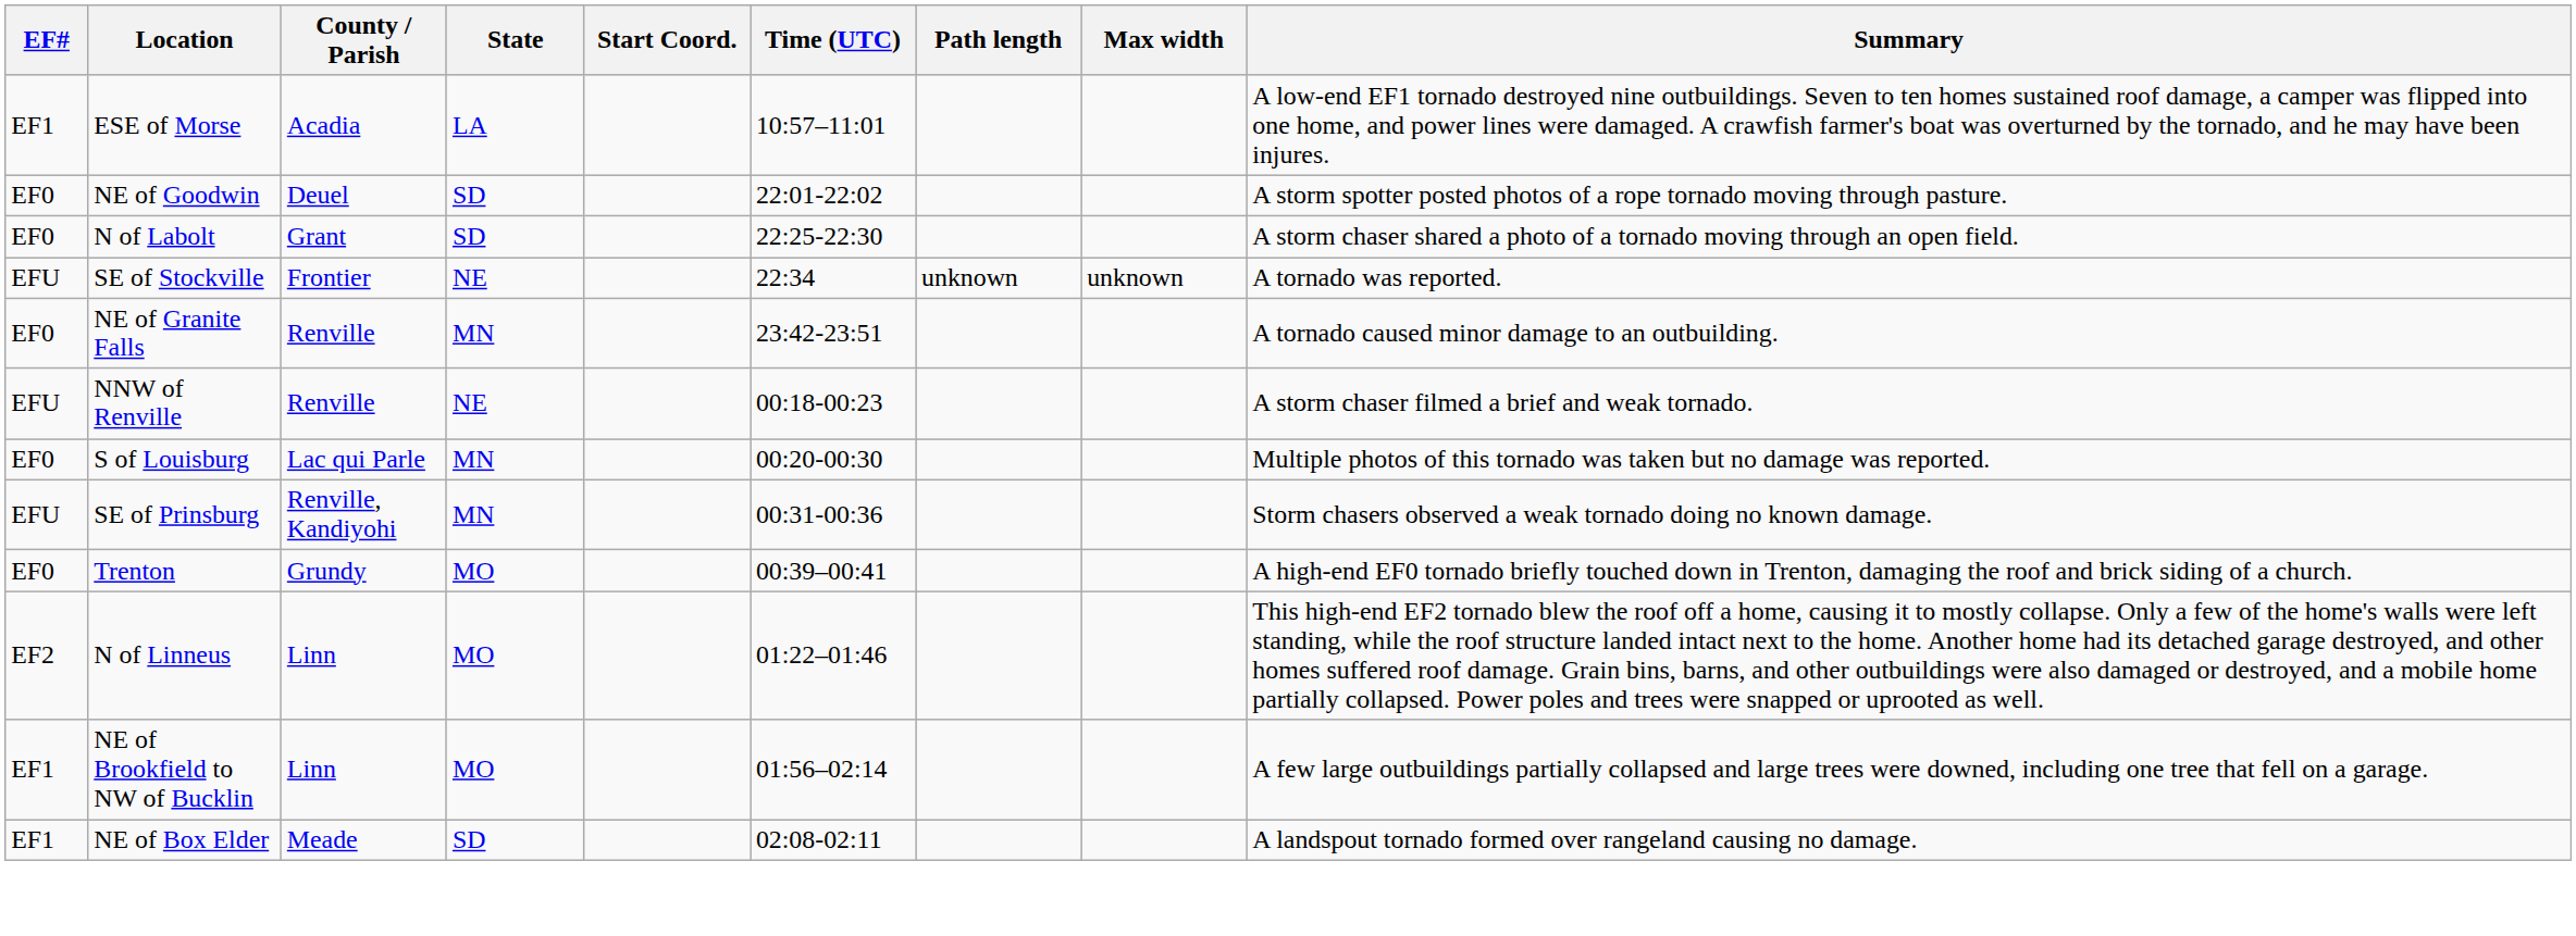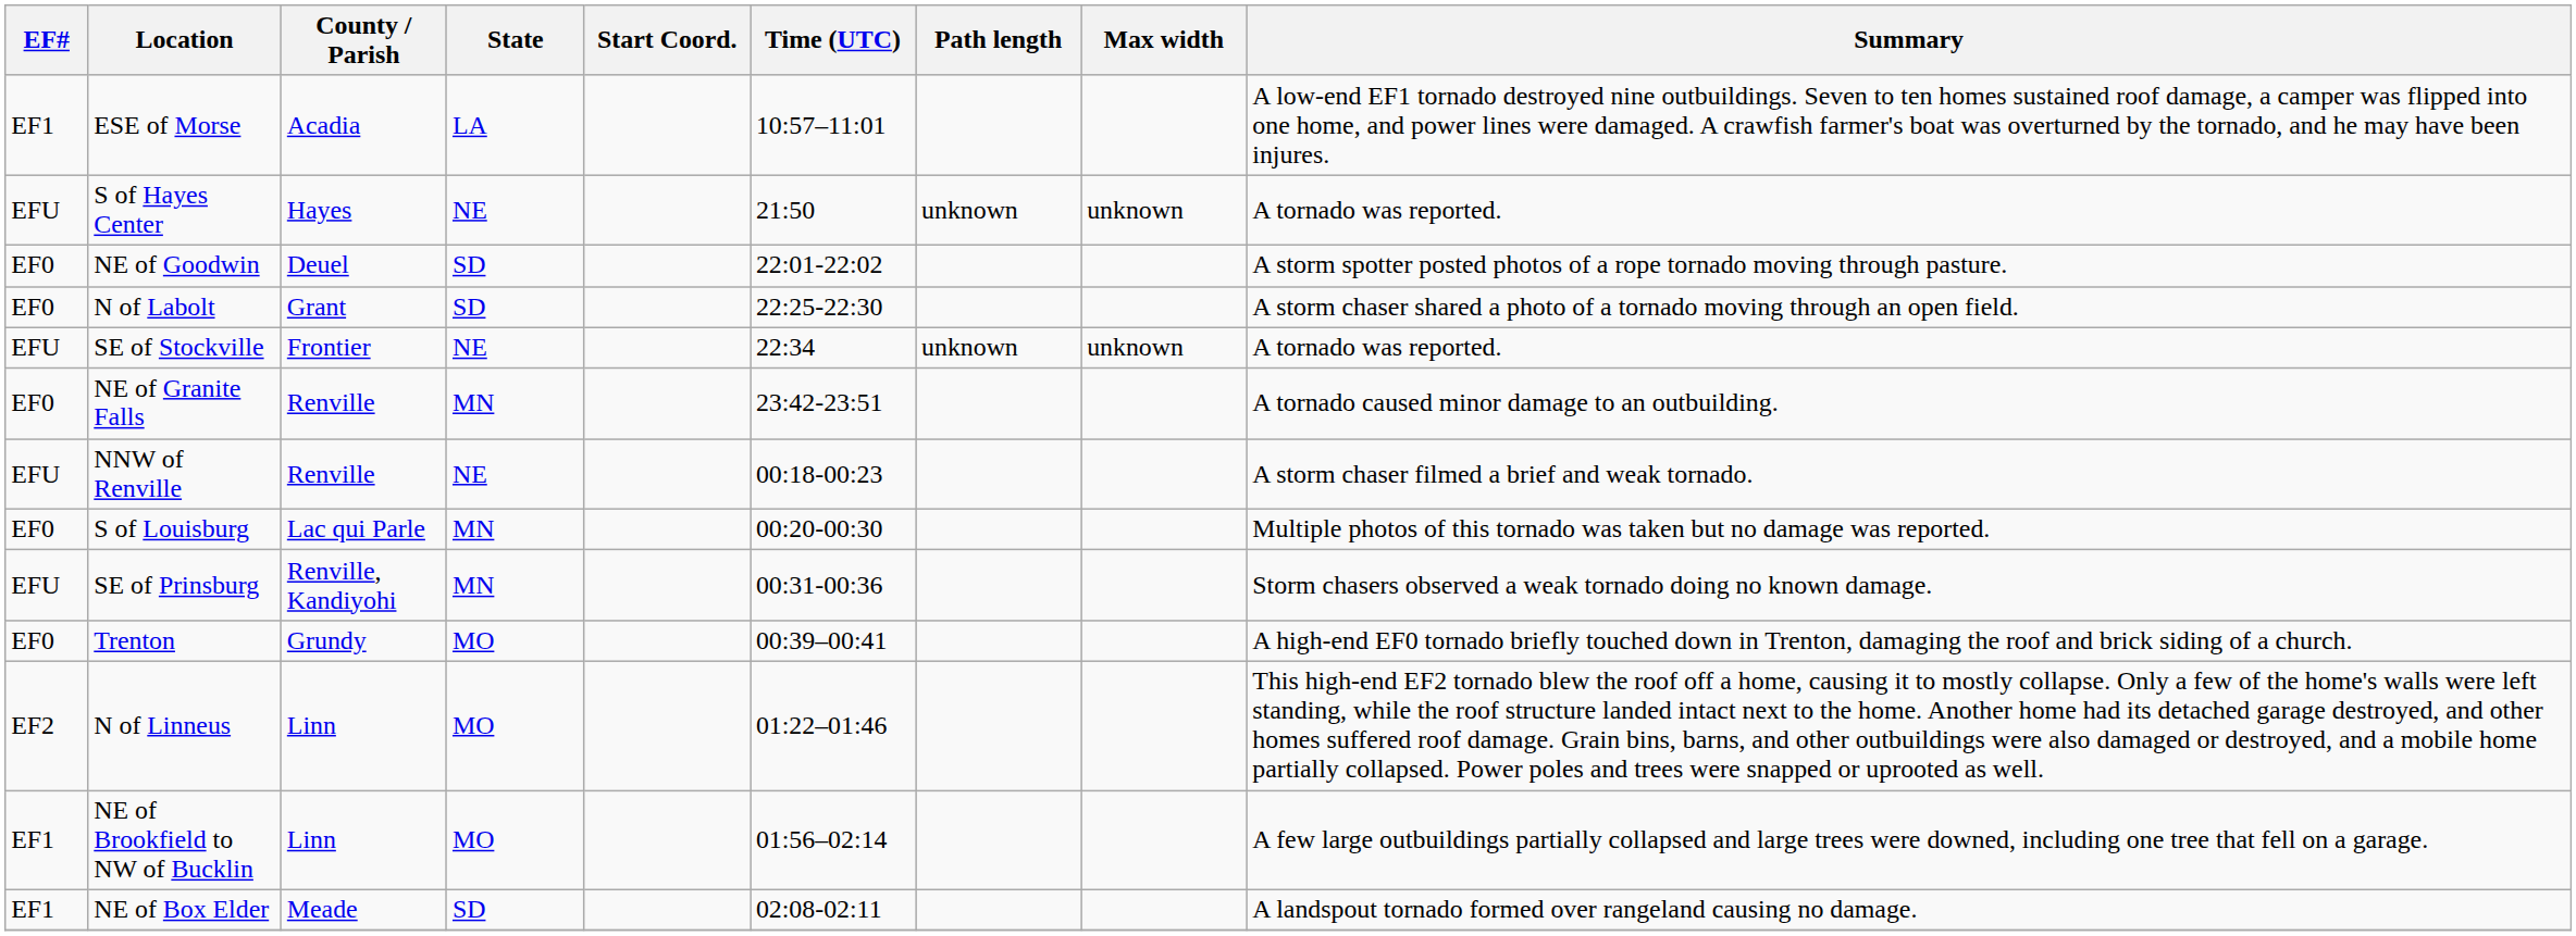 <table class="wikitable sortable" style="width:100%;">
 <tr>
 <th scope="col" style="width:3%; text-align:center;"><a href='#'>EF#</a></th>
 <th scope="col" style="width:7%; text-align:center;" class="unsortable">Location</th>
 <th scope="col" style="width:6%; text-align:center;" class="unsortable">County / Parish</th>
 <th scope="col" style="width:5%; text-align:center;">State</th>
 <th scope="col" style="width:6%; text-align:center;">Start Coord.</th>
 <th scope="col" style="width:6%; text-align:center;">Time (<a href='#'>UTC</a>)</th>
 <th scope="col" style="width:6%; text-align:center;">Path length</th>
 <th scope="col" style="width:6%; text-align:center;">Max width</th>
 <th scope="col" class="unsortable" style="width:48%; text-align:center;">Summary</th>
 </tr>
 <tr>
 <td>EF1</td>
 <td>ESE of <a href='#'>Morse</a></td>
 <td><a href='#'>Acadia</a></td>
 <td><a href='#'>LA</a></td>
 <td></td>
 <td>10:57–11:01</td>
 <td></td>
 <td></td>
 <td>A low-end EF1 tornado destroyed nine outbuildings. Seven to ten homes sustained roof damage, a camper was flipped into one home, and power lines were damaged. A crawfish farmer's boat was overturned by the tornado, and he may have been injures.</td>
+</tr>
+<tr>
+<td>EFU</td>
+<td>S of <a href='#'>Hayes Center</a></td>
+<td><a href='#'>Hayes</a></td>
+<td><a href='#'>NE</a></td>
+<td></td>
+<td>21:50</td>
+<td>unknown</td>
+<td>unknown</td>
+<td>A tornado was reported.</td>
 </tr>
 <tr>
 <td>EF0</td>
 <td>NE of <a href='#'>Goodwin</a></td>
 <td><a href='#'>Deuel</a></td>
 <td><a href='#'>SD</a></td>
 <td></td>
 <td>22:01-22:02</td>
 <td></td>
 <td></td>
 <td>A storm spotter posted photos of a rope tornado moving through pasture.</td>
 </tr>
 <tr>
 <td>EF0</td>
 <td>N of <a href='#'>Labolt</a></td>
 <td><a href='#'>Grant</a></td>
 <td><a href='#'>SD</a></td>
 <td></td>
 <td>22:25-22:30</td>
 <td></td>
 <td></td>
 <td>A storm chaser shared a photo of a tornado moving through an open field.</td>
 </tr>
 <tr>
 <td>EFU</td>
 <td>SE of <a href='#'>Stockville</a></td>
 <td><a href='#'>Frontier</a></td>
 <td><a href='#'>NE</a></td>
 <td></td>
 <td>22:34</td>
 <td>unknown</td>
 <td>unknown</td>
 <td>A tornado was reported.</td>
 </tr>
 <tr>
 <td>EF0</td>
 <td>NE of <a href='#'>Granite Falls</a></td>
 <td><a href='#'>Renville</a></td>
 <td><a href='#'>MN</a></td>
 <td></td>
 <td>23:42-23:51</td>
 <td></td>
 <td></td>
 <td>A tornado caused minor damage to an outbuilding.</td>
 </tr>
 <tr>
 <td>EFU</td>
 <td>NNW of <a href='#'>Renville</a></td>
 <td><a href='#'>Renville</a></td>
 <td><a href='#'>NE</a></td>
 <td></td>
 <td>00:18-00:23</td>
 <td></td>
 <td></td>
 <td>A storm chaser filmed a brief and weak tornado.</td>
 </tr>
 <tr>
 <td>EF0</td>
 <td>S of <a href='#'>Louisburg</a></td>
 <td><a href='#'>Lac qui Parle</a></td>
 <td><a href='#'>MN</a></td>
 <td></td>
 <td>00:20-00:30</td>
 <td></td>
 <td></td>
 <td>Multiple photos of this tornado was taken but no damage was reported.</td>
 </tr>
 <tr>
 <td>EFU</td>
 <td>SE of <a href='#'>Prinsburg</a></td>
 <td><a href='#'>Renville</a>, <a href='#'>Kandiyohi</a></td>
 <td><a href='#'>MN</a></td>
 <td></td>
 <td>00:31-00:36</td>
 <td></td>
 <td></td>
 <td>Storm chasers observed a weak tornado doing no known damage.</td>
 </tr>
 <tr>
 <td>EF0</td>
 <td><a href='#'>Trenton</a></td>
 <td><a href='#'>Grundy</a></td>
 <td><a href='#'>MO</a></td>
 <td></td>
 <td>00:39–00:41</td>
 <td></td>
 <td></td>
 <td>A high-end EF0 tornado briefly touched down in Trenton, damaging the roof and brick siding of a church.</td>
 </tr>
 <tr>
 <td>EF2</td>
 <td>N of <a href='#'>Linneus</a></td>
 <td><a href='#'>Linn</a></td>
 <td><a href='#'>MO</a></td>
 <td></td>
 <td>01:22–01:46</td>
 <td></td>
 <td></td>
 <td>This high-end EF2 tornado blew the roof off a home, causing it to mostly collapse. Only a few of the home's walls were left standing, while the roof structure landed intact next to the home. Another home had its detached garage destroyed, and other homes suffered roof damage. Grain bins, barns, and other outbuildings were also damaged or destroyed, and a mobile home partially collapsed. Power poles and trees were snapped or uprooted as well.</td>
 </tr>
 <tr>
 <td>EF1</td>
 <td>NE of <a href='#'>Brookfield</a> to NW of <a href='#'>Bucklin</a></td>
 <td><a href='#'>Linn</a></td>
 <td><a href='#'>MO</a></td>
 <td></td>
 <td>01:56–02:14</td>
 <td></td>
 <td></td>
 <td>A few large outbuildings partially collapsed and large trees were downed, including one tree that fell on a garage.</td>
 </tr>
 <tr>
 <td>EF1</td>
 <td>NE of <a href='#'>Box Elder</a></td>
 <td><a href='#'>Meade</a></td>
 <td><a href='#'>SD</a></td>
 <td></td>
 <td>02:08-02:11</td>
 <td></td>
 <td></td>
 <td>A landspout tornado formed over rangeland causing no damage.</td>
 </tr>
 <tr>
 </tr>
 </table>
